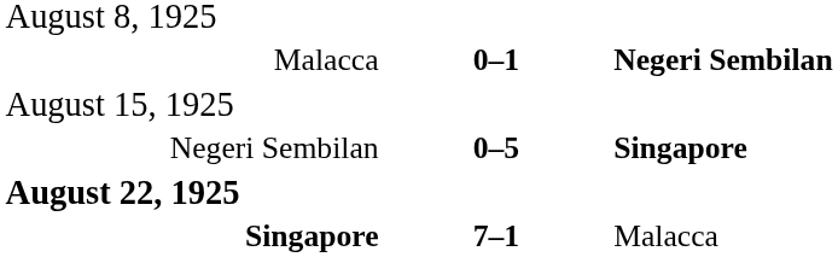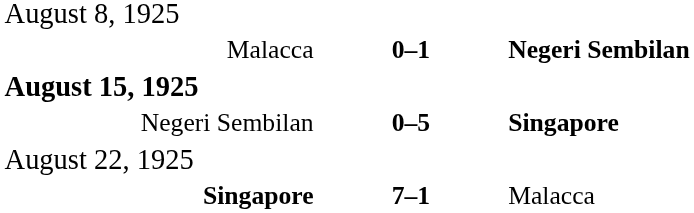 <table width=100% cellspacing=1>
 <tr>
 <th width=20%></th>
 <th width=12%></th>
 <th width=20%></th>
 <th></th>
 </tr>
 <tr>
 <td>August 8, 1925</td>
 </tr>
 <tr style=font-size:90%>
 <td align=right>Malacca</td>
 <td align=center><strong>0–1</strong></td>
 <td><strong>Negeri Sembilan</strong></td>
 <td></td>
 <td></td>
 </tr>
 <tr>
-<td>August 15, 1925</td>
+<td><strong>August 15, 1925</strong></td>
 </tr>
 <tr style=font-size:90%>
 <td align=right>Negeri Sembilan</td>
 <td align=center><strong>0–5</strong></td>
 <td><strong>Singapore</strong></td>
 <td></td>
 <td></td>
 </tr>
 <tr>
-<td><strong>August 22, 1925</strong></td>
+<td>August 22, 1925</td>
 </tr>
 <tr style=font-size:90%>
 <td align=right><strong>Singapore</strong></td>
 <td align=center><strong>7–1</strong></td>
 <td>Malacca</td>
 <td></td>
 <td></td>
 </tr>
 <tr>
 </tr>
 </table>
